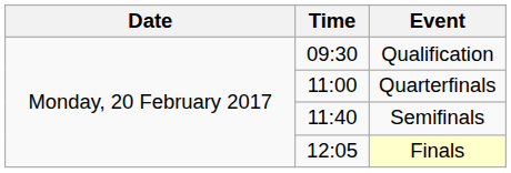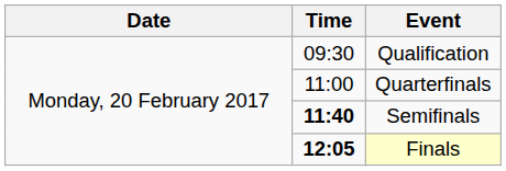 <table class = "wikitable" style="text-align:center;">
 <tr>
 <th width=220>Date</th>
 <th width=50>Time</th>
 <th width=100>Event</th>
 </tr>
 <tr>
 <td rowspan=4>Monday, 20 February 2017</td>
 <td>09:30</td>
 <td>Qualification</td>
 </tr>
 <tr>
 <td>11:00</td>
 <td>Quarterfinals</td>
 </tr>
 <tr>
-<td>11:40</td>
+<td><strong>11:40</strong></td>
 <td>Semifinals</td>
 </tr>
 <tr>
-<td>12:05</td>
+<td><strong>12:05</strong></td>
 <td bgcolor=ffffcc>Finals</td>
 </tr>
 </table>
